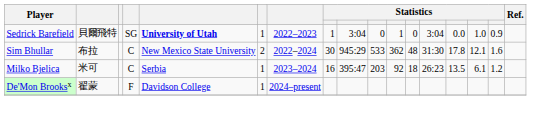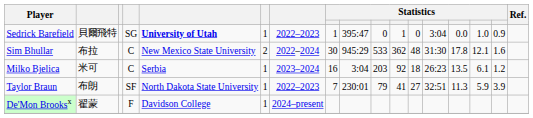 <table class="wikitable sortable" style="font-size:95%; text-align:right;">
 <tr>
 <th rowspan="2">Player</th>
 <th rowspan="2"></th>
 <th rowspan="2"></th>
 <th rowspan="2"></th>
 <th rowspan="2"></th>
 <th rowspan="2"></th>
 <th rowspan="2"></th>
 <th colspan="9">Statistics</th>
 <th rowspan="2">Ref.</th>
 </tr>
 <tr>
 <th></th>
 <th></th>
 <th></th>
 <th></th>
 <th></th>
 <th></th>
 <th></th>
 <th></th>
 <th></th>
 </tr>
 <tr>
 <td align="left"><a href='#'>Sedrick Barefield</a></td>
 <td align="left">貝爾飛特</td>
 <td align="center"></td>
 <td align="center">SG</td>
 <td align="left"><strong><a href='#'>University of Utah</a></strong></td>
 <td align="center">1</td>
 <td align="center"><a href='#'>2022–2023</a></td>
 <td>1</td>
-<td>3:04</td>
+<td>395:47</td>
 <td>0</td>
 <td>1</td>
 <td>0</td>
 <td>3:04</td>
 <td>0.0</td>
 <td>1.0</td>
 <td>0.9</td>
 <td align="center"></td>
 </tr>
 <tr>
 <td align="left"><a href='#'>Sim Bhullar</a></td>
 <td align="left">布拉</td>
 <td align="center"></td>
 <td align="center">C</td>
 <td align="left"><a href='#'>New Mexico State University</a></td>
 <td align="center">2</td>
 <td align="center"><a href='#'>2022</a>–<a href='#'>2024</a></td>
 <td>30</td>
 <td>945:29</td>
 <td>533</td>
 <td>362</td>
 <td>48</td>
 <td>31:30</td>
 <td>17.8</td>
 <td>12.1</td>
 <td>1.6</td>
 <td align="center"></td>
 </tr>
 <tr>
 <td align="left"><a href='#'>Milko Bjelica</a></td>
 <td align="left">米可</td>
 <td align="center"></td>
 <td align="center">C</td>
 <td align="left"><a href='#'>Serbia</a></td>
 <td align="center">1</td>
 <td align="center"><a href='#'>2023–2024</a></td>
 <td>16</td>
-<td>395:47</td>
+<td>3:04</td>
 <td>203</td>
 <td>92</td>
 <td>18</td>
 <td>26:23</td>
 <td>13.5</td>
 <td>6.1</td>
 <td>1.2</td>
+<td align="center"></td>
+</tr>
+<tr>
+<td align="left"><a href='#'>Taylor Braun</a></td>
+<td align="left">布朗</td>
+<td align="center"></td>
+<td align="center">SF</td>
+<td align="left"><a href='#'>North Dakota State University</a></td>
+<td align="center">1</td>
+<td align="center"><a href='#'>2022–2023</a></td>
+<td>7</td>
+<td>230:01</td>
+<td>79</td>
+<td>41</td>
+<td>27</td>
+<td>32:51</td>
+<td>11.3</td>
+<td>5.9</td>
+<td>3.9</td>
 <td align="center"></td>
 </tr>
 <tr>
 <td align="left" bgcolor="#CCFFCC"><a href='#'>De'Mon Brooks</a><sup>x</sup></td>
 <td align="left">翟蒙</td>
 <td align="center"></td>
 <td align="center">F</td>
 <td align="left"><a href='#'>Davidson College</a></td>
 <td align="center">1</td>
 <td align="center"><a href='#'>2024–present</a></td>
 <td></td>
 <td></td>
 <td></td>
 <td></td>
 <td></td>
 <td></td>
 <td></td>
 <td></td>
 <td></td>
 <td align="center"></td>
 </tr>
 <tr>
 </tr>
 </table>
